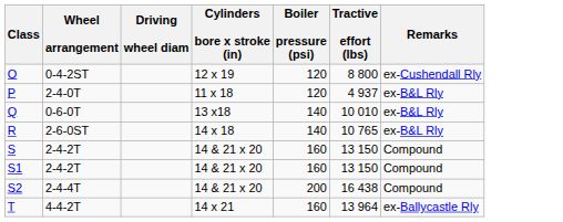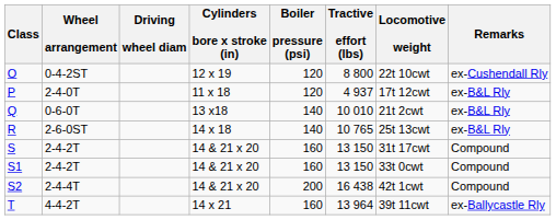 <table class="wikitable">
 <tr>
 <th>Class</th>
 <th>Wheel<br><br>arrangement</th>
 <th>Driving<br><br>wheel diam</th>
 <th>Cylinders<br><br>bore x stroke<br> (in)</th>
 <th>Boiler<br><br>pressure<br> (psi)</th>
 <th>Tractive<br><br>effort<br> (lbs)</th>
+<th>Locomotive<br><br>weight</th>
 <th>Remarks</th>
 </tr>
 <tr>
 <td><a href='#'>O</a></td>
 <td>0-4-2ST</td>
 <td></td>
 <td>12 x 19</td>
 <td align=right>120</td>
 <td align=right>8 800</td>
+<td>22t 10cwt</td>
 <td>ex-<a href='#'>Cushendall Rly</a></td>
 </tr>
 <tr>
 <td><a href='#'>P</a></td>
 <td>2-4-0T</td>
 <td></td>
 <td>11 x 18</td>
 <td align=right>120</td>
 <td align=right>4 937</td>
+<td>17t 12cwt</td>
 <td>ex-<a href='#'>B&L Rly</a></td>
 </tr>
 <tr>
 <td><a href='#'>Q</a></td>
 <td>0-6-0T</td>
 <td></td>
 <td>13 x18</td>
 <td align=right>140</td>
 <td align=right>10 010</td>
+<td>21t 2cwt</td>
 <td>ex-<a href='#'>B&L Rly</a></td>
 </tr>
 <tr>
 <td><a href='#'>R</a></td>
 <td>2-6-0ST</td>
 <td></td>
 <td>14 x 18</td>
 <td align=right>140</td>
 <td align=right>10 765</td>
+<td>25t 13cwt</td>
 <td>ex-<a href='#'>B&L Rly</a></td>
 </tr>
 <tr>
 <td><a href='#'>S</a></td>
 <td>2-4-2T</td>
 <td></td>
 <td>14 & 21 x 20</td>
 <td align=right>160</td>
 <td align=right>13 150</td>
+<td>31t 17cwt</td>
 <td>Compound</td>
 </tr>
 <tr>
 <td><a href='#'>S1</a></td>
 <td>2-4-2T</td>
 <td></td>
 <td>14 & 21 x 20</td>
 <td align=right>160</td>
 <td align=right>13 150</td>
+<td>33t 0cwt</td>
 <td>Compound</td>
 </tr>
 <tr>
 <td><a href='#'>S2</a></td>
 <td>2-4-4T</td>
 <td></td>
 <td>14 & 21 x 20</td>
 <td align=right>200</td>
 <td align=right>16 438</td>
+<td>42t 1cwt</td>
 <td>Compound</td>
 </tr>
 <tr>
 <td><a href='#'>T</a></td>
 <td>4-4-2T</td>
 <td></td>
 <td>14 x 21</td>
 <td align=right>160</td>
 <td align=right>13 964</td>
+<td>39t 11cwt</td>
 <td>ex-<a href='#'>Ballycastle Rly</a></td>
 </tr>
 </table>
